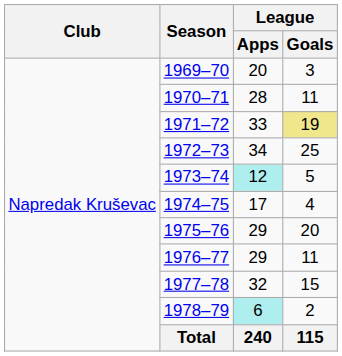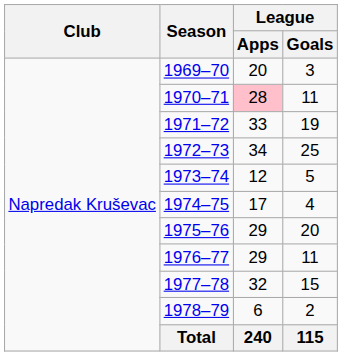 <table class="wikitable" style="text-align:center">
 <tr>
 <th rowspan="2">Club</th>
 <th rowspan="2">Season</th>
 <th colspan="2">League</th>
 </tr>
 <tr>
 <th>Apps</th>
 <th>Goals</th>
 </tr>
 <tr>
 <td rowspan="11"><a href='#'>Napredak Kruševac</a></td>
 <td><a href='#'>1969–70</a></td>
 <td>20</td>
 <td>3</td>
 </tr>
 <tr>
 <td><a href='#'>1970–71</a></td>
-<td>28</td>
+<td style="background: pink;">28</td>
 <td>11</td>
 </tr>
 <tr>
 <td><a href='#'>1971–72</a></td>
 <td>33</td>
-<td style="background: khaki;">19</td>
+<td>19</td>
 </tr>
 <tr>
 <td><a href='#'>1972–73</a></td>
 <td>34</td>
 <td>25</td>
 </tr>
 <tr>
 <td><a href='#'>1973–74</a></td>
-<td style="background: paleturquoise;">12</td>
+<td>12</td>
 <td>5</td>
 </tr>
 <tr>
 <td><a href='#'>1974–75</a></td>
 <td>17</td>
 <td>4</td>
 </tr>
 <tr>
 <td><a href='#'>1975–76</a></td>
 <td>29</td>
 <td>20</td>
 </tr>
 <tr>
 <td><a href='#'>1976–77</a></td>
 <td>29</td>
 <td>11</td>
 </tr>
 <tr>
 <td><a href='#'>1977–78</a></td>
 <td>32</td>
 <td>15</td>
 </tr>
 <tr>
 <td><a href='#'>1978–79</a></td>
-<td style="background: paleturquoise;">6</td>
+<td>6</td>
 <td>2</td>
 </tr>
 <tr>
 <th>Total</th>
 <th>240</th>
 <th>115</th>
 </tr>
 </table>
